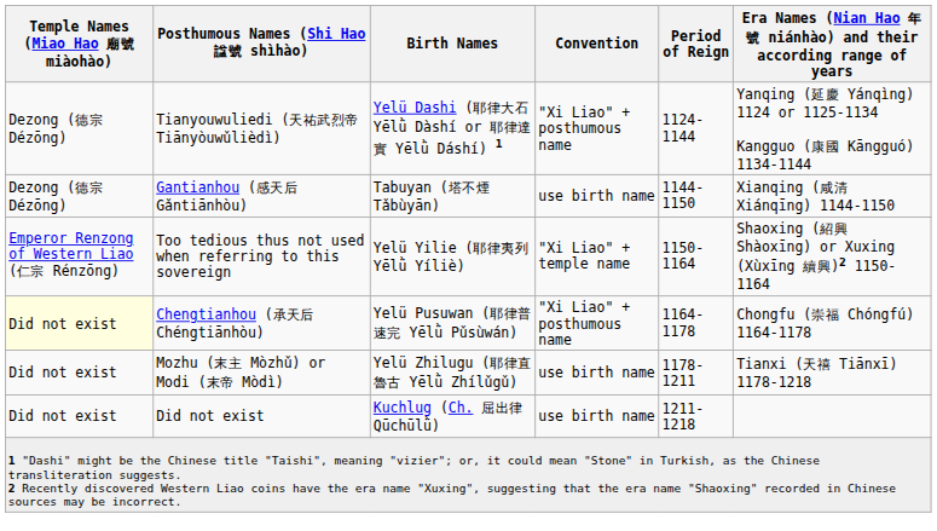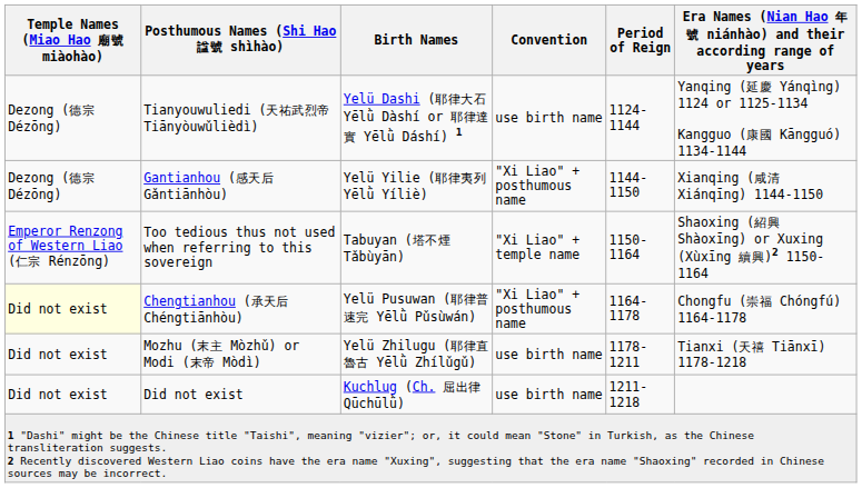 <table class="wikitable">
 <tr>
 <th>Temple Names (<a href='#'>Miao Hao</a> 廟號 miàohào)</th>
 <th>Posthumous Names (<a href='#'>Shi Hao</a> 諡號 shìhào)</th>
 <th>Birth Names</th>
 <th>Convention</th>
 <th>Period of Reign</th>
 <th>Era Names (<a href='#'>Nian Hao</a> 年號 niánhào) and their according range of years</th>
 </tr>
 <tr>
 <td>Dezong (德宗 Dézōng)</td>
 <td>Tianyouwuliedi (天祐武烈帝 Tiānyòuwǔlièdì)</td>
 <td><a href='#'>Yelü Dashi</a> (耶律大石 Yēlǜ Dàshí or 耶律達實 Yēlǜ Dáshí) <sup><strong>1</strong></sup></td>
-<td>"Xi Liao" + posthumous name</td>
+<td>use birth name</td>
 <td>1124-1144</td>
 <td>Yanqing (延慶 Yánqìng) 1124 or 1125-1134<br><br>Kangguo (康國 Kāngguó) 1134-1144<br></td>
 </tr>
 <tr>
 <td>Dezong (德宗 Dézōng)</td>
 <td><a href='#'>Gantianhou</a> (感天后 Gǎntiānhòu)</td>
-<td>Tabuyan (塔不煙 Tǎbùyān)</td>
-<td>use birth name</td>
+<td>Yelü Yilie (耶律夷列 Yēlǜ Yíliè)</td>
+<td>"Xi Liao" + posthumous name</td>
 <td>1144-1150</td>
 <td>Xianqing (咸清 Xiánqīng) 1144-1150<br></td>
 </tr>
 <tr>
 <td><a href='#'>Emperor Renzong of Western Liao</a> (仁宗 Rénzōng)</td>
 <td>Too tedious thus not used when referring to this sovereign</td>
-<td>Yelü Yilie (耶律夷列 Yēlǜ Yíliè)</td>
+<td>Tabuyan (塔不煙 Tǎbùyān)</td>
 <td>"Xi Liao" + temple name</td>
 <td>1150-1164</td>
 <td>Shaoxing (紹興 Shàoxīng) or Xuxing (Xùxīng 續興)<sup><strong>2</strong></sup> 1150-1164<br></td>
 </tr>
 <tr>
 <td style="background: lightyellow;">Did not exist</td>
 <td><a href='#'>Chengtianhou</a> (承天后 Chéngtiānhòu)</td>
 <td>Yelü Pusuwan (耶律普速完 Yēlǜ Pǔsùwán)</td>
 <td>"Xi Liao" + posthumous name</td>
 <td>1164-1178</td>
 <td>Chongfu (崇福 Chóngfú) 1164-1178<br></td>
 </tr>
 <tr>
 <td>Did not exist</td>
 <td>Mozhu (末主 Mòzhǔ) or Modi (末帝 Mòdì)</td>
 <td>Yelü Zhilugu (耶律直魯古 Yēlǜ Zhílǔgǔ)</td>
 <td>use birth name</td>
 <td>1178-1211</td>
 <td>Tianxi (天禧 Tiānxī) 1178-1218<br></td>
 </tr>
 <tr>
 <td>Did not exist</td>
 <td>Did not exist</td>
 <td><a href='#'>Kuchlug</a> (<a href='#'>Ch.</a> 屈出律 Qūchūlǜ)</td>
 <td>use birth name</td>
 <td>1211-1218</td>
 <td></td>
 </tr>
 <tr style="background:#efefef;">
 <td colspan=6 style="font-size:smaller"><br><strong>1</strong> "Dashi" might be the Chinese title "Taishi", meaning "vizier"; or, it could mean "Stone" in Turkish, as the Chinese transliteration suggests.<br> <strong>2</strong> Recently discovered Western Liao coins have the era name "Xuxing", suggesting that the era name "Shaoxing" recorded in Chinese sources may be incorrect.</td>
 </tr>
 </table>
